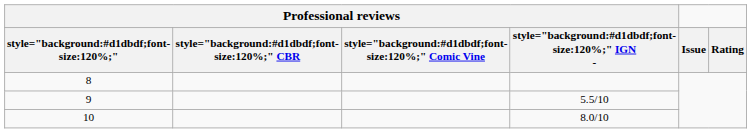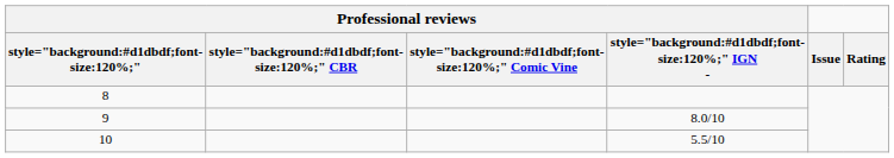 <table class="wikitable" style="float: right; width:24.2em; font-size: 80%; text-align: center; margin:0.5em 0 0.5em 1em; padding:0;" cellpadding="0" cellspacing="0">
 <tr>
 <th colspan="4" style="font-size:120%;">Professional reviews</th>
 </tr>
 <tr>
 <th>style="background:#d1dbdf;font-size:120%;" </th>
 <th>style="background:#d1dbdf;font-size:120%;"  <a href='#'>CBR</a></th>
 <th>style="background:#d1dbdf;font-size:120%;"  <a href='#'>Comic Vine</a></th>
 <th>style="background:#d1dbdf;font-size:120%;"  <a href='#'>IGN</a><br>-</th>
 <th>Issue</th>
 <th colspan="3">Rating</th>
 </tr>
 <tr>
 <td>8</td>
 <td></td>
 <td></td>
 <td></td>
 </tr>
 <tr>
 <td>9</td>
 <td></td>
 <td></td>
-<td>5.5/10</td>
+<td>8.0/10</td>
 </tr>
 <tr>
 <td>10</td>
 <td></td>
 <td></td>
-<td>8.0/10</td>
+<td>5.5/10</td>
 </tr>
 </table>
